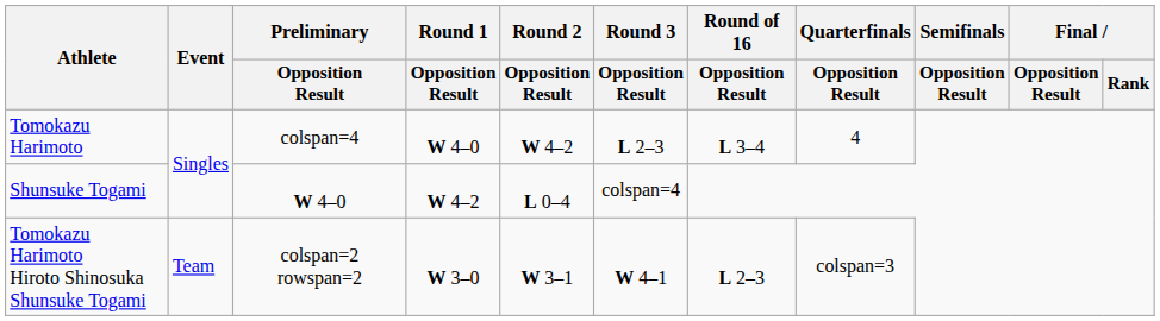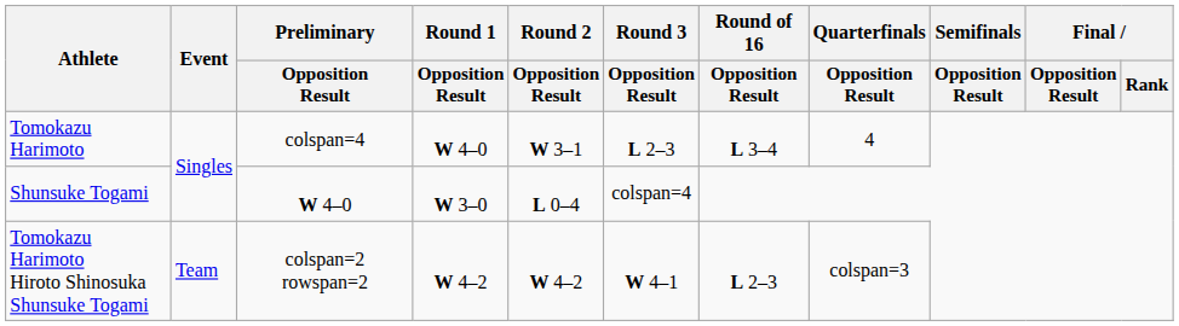 <table class=wikitable style=font-size:90%;text-align:center>
 <tr>
 <th rowspan=2>Athlete</th>
 <th rowspan=2>Event</th>
 <th>Preliminary</th>
 <th>Round 1</th>
 <th>Round 2</th>
 <th>Round 3</th>
 <th>Round of 16</th>
 <th>Quarterfinals</th>
 <th>Semifinals</th>
 <th colspan=2>Final / </th>
 </tr>
 <tr style=font-size:95%>
 <th>Opposition <br> Result</th>
 <th>Opposition <br> Result</th>
 <th>Opposition <br> Result</th>
 <th>Opposition <br> Result</th>
 <th>Opposition <br> Result</th>
 <th>Opposition <br> Result</th>
 <th>Opposition <br> Result</th>
 <th>Opposition <br> Result</th>
 <th>Rank</th>
 </tr>
 <tr>
 <td align=left><a href='#'>Tomokazu Harimoto</a></td>
 <td align=left rowspan=2><a href='#'>Singles</a></td>
 <td>colspan=4 </td>
 <td> <br> <strong>W</strong> 4–0</td>
-<td> <br> <strong>W</strong> 4–2</td>
+<td> <br> <strong>W</strong> 3–1</td>
 <td> <br> <strong>L</strong> 2–3</td>
 <td> <br> <strong>L</strong> 3–4</td>
 <td>4</td>
 </tr>
 <tr align=center>
 <td align=left><a href='#'>Shunsuke Togami</a></td>
 <td> <br> <strong>W</strong> 4–0</td>
-<td> <br> <strong>W</strong> 4–2</td>
+<td> <br> <strong>W</strong> 3–0</td>
 <td> <br> <strong>L</strong> 0–4</td>
 <td>colspan=4</td>
 </tr>
 <tr>
 <td align=left><a href='#'>Tomokazu Harimoto</a> <br> Hiroto Shinosuka <br> <a href='#'>Shunsuke Togami</a></td>
 <td align=left><a href='#'>Team</a></td>
 <td>colspan=2 rowspan=2 </td>
-<td> <br> <strong>W</strong> 3–0</td>
-<td> <br> <strong>W</strong> 3–1</td>
+<td> <br> <strong>W</strong> 4–2</td>
+<td> <br> <strong>W</strong> 4–2</td>
 <td> <br> <strong>W</strong> 4–1</td>
 <td> <br> <strong>L</strong> 2–3</td>
 <td>colspan=3</td>
 </tr>
 </table>
